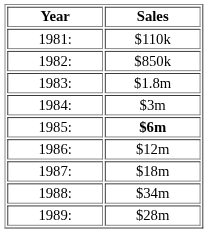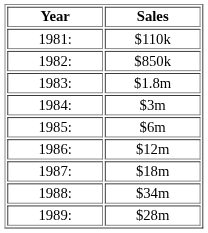 <table align="right" border="1" style="text-align:center">
 <tr>
 <th width="100"><strong>Year</strong></th>
 <th width="100"><strong>Sales</strong></th>
 </tr>
 <tr>
 <td>1981:</td>
 <td>$110k</td>
 </tr>
 <tr>
 <td>1982:</td>
 <td>$850k</td>
 </tr>
 <tr>
 <td>1983:</td>
 <td>$1.8m</td>
 </tr>
 <tr>
 <td>1984:</td>
 <td>$3m</td>
 </tr>
 <tr>
 <td>1985:</td>
-<td><strong>$6m</strong></td>
+<td>$6m</td>
 </tr>
 <tr>
 <td>1986:</td>
 <td>$12m</td>
 </tr>
 <tr>
 <td>1987:</td>
 <td>$18m</td>
 </tr>
 <tr>
 <td>1988:</td>
 <td>$34m</td>
 </tr>
 <tr>
 <td>1989:</td>
 <td>$28m</td>
 </tr>
 </table>
